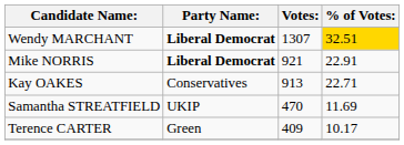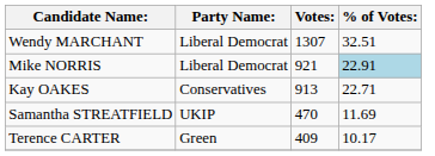 <table class="wikitable">
 <tr>
 <th>Candidate Name:</th>
 <th>Party Name:</th>
 <th>Votes:</th>
 <th>% of Votes:</th>
 </tr>
 <tr>
 <td>Wendy MARCHANT</td>
-<td><strong>Liberal Democrat</strong></td>
+<td>Liberal Democrat</td>
 <td>1307</td>
-<td style="background: gold;">32.51</td>
+<td>32.51</td>
 </tr>
 <tr>
 <td>Mike NORRIS</td>
-<td><strong>Liberal Democrat</strong></td>
+<td>Liberal Democrat</td>
 <td>921</td>
-<td>22.91</td>
+<td style="background: lightblue;">22.91</td>
 </tr>
 <tr>
 <td>Kay OAKES</td>
 <td>Conservatives</td>
 <td>913</td>
 <td>22.71</td>
 </tr>
 <tr>
 <td>Samantha STREATFIELD</td>
 <td>UKIP</td>
 <td>470</td>
 <td>11.69</td>
 </tr>
 <tr>
 <td>Terence CARTER</td>
 <td>Green</td>
 <td>409</td>
 <td>10.17</td>
 </tr>
 <tr>
 </tr>
 </table>
